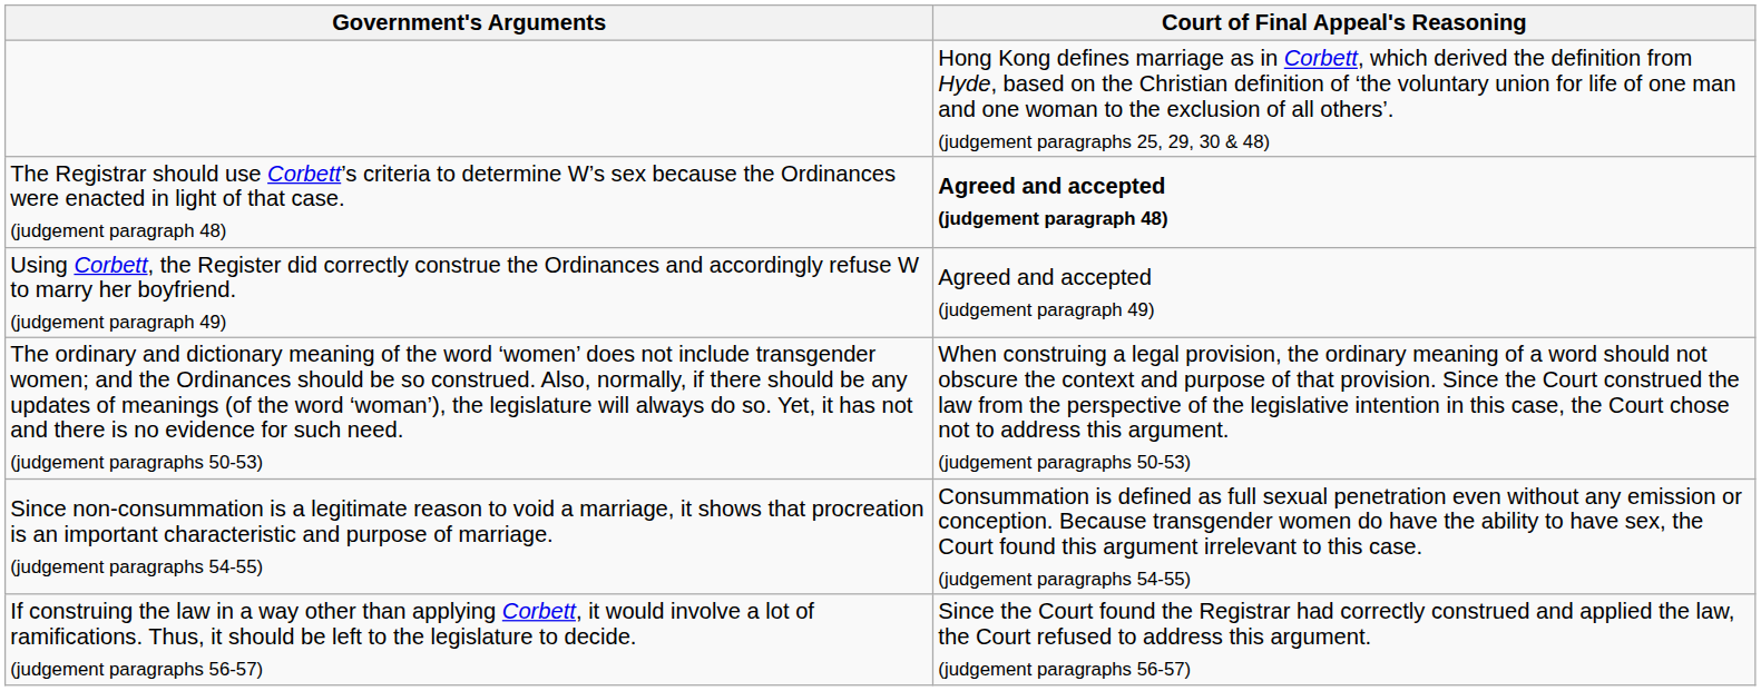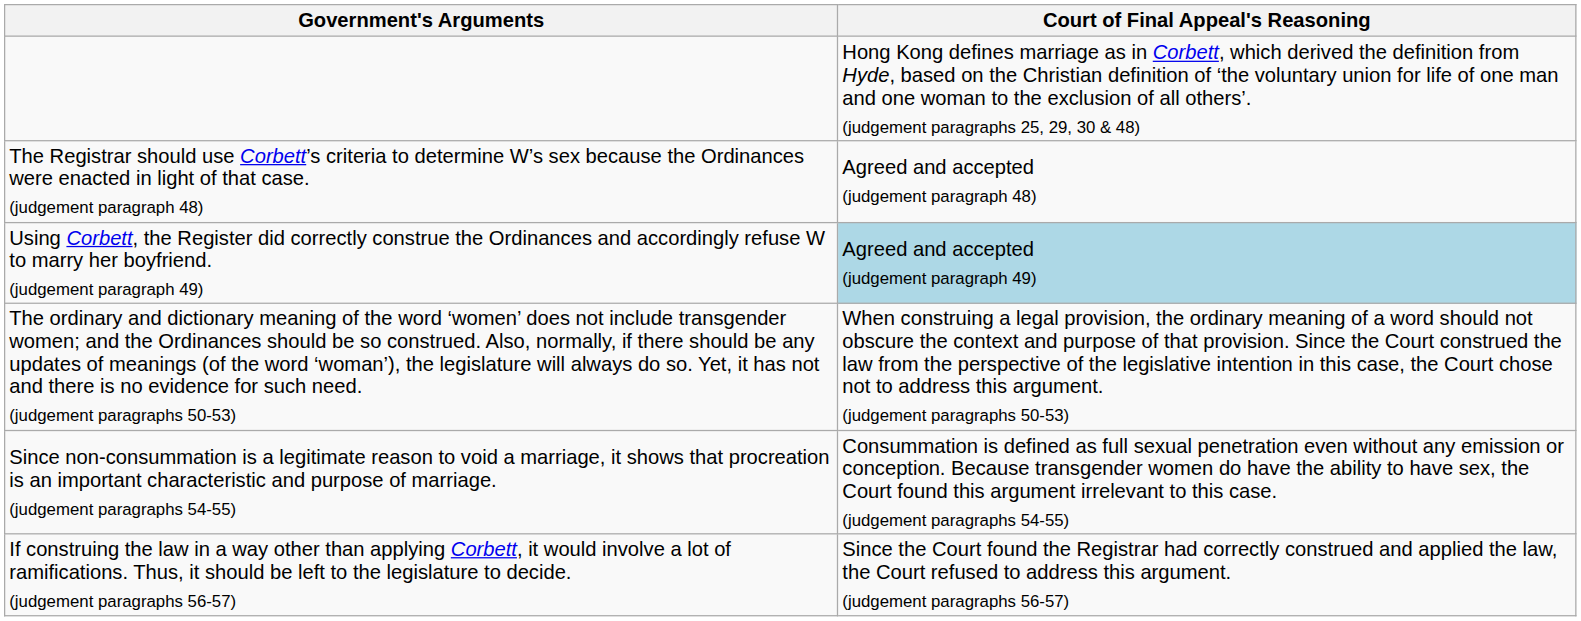 <table class="wikitable">
 <tr>
 <th>Government's Arguments</th>
 <th>Court of Final Appeal's Reasoning</th>
 </tr>
 <tr>
 <td></td>
 <td>Hong Kong defines marriage as in <em><a href='#'>Corbett</a></em>, which derived the definition from <em>Hyde</em>, based on the Christian definition of ‘the voluntary union for life of one man and one woman to the exclusion of all others’.<br><sub>(judgement paragraphs 25, 29, 30 & 48)</sub></td>
 </tr>
 <tr>
 <td>The Registrar should use <em><a href='#'>Corbett</a></em>’s criteria to determine W’s sex because the Ordinances were enacted in light of that case.<br><sub>(judgement paragraph 48)</sub></td>
-<td><strong>Agreed and accepted<br><sub>(judgement paragraph 48)</sub></strong></td>
+<td>Agreed and accepted<br><sub>(judgement paragraph 48)</sub></td>
 </tr>
 <tr>
 <td>Using <em><a href='#'>Corbett</a></em>, the Register did correctly construe the Ordinances and accordingly refuse W to marry her boyfriend.<br><sub>(judgement paragraph 49)</sub></td>
-<td>Agreed and accepted<br><sub>(judgement paragraph 49)</sub></td>
+<td style="background: lightblue;">Agreed and accepted<br><sub>(judgement paragraph 49)</sub></td>
 </tr>
 <tr>
 <td>The ordinary and dictionary meaning of the word ‘women’ does not include transgender women; and the Ordinances should be so construed. Also, normally, if there should be any updates of meanings (of the word ‘woman’), the legislature will always do so. Yet, it has not and there is no evidence for such need.<br><sub>(judgement paragraphs 50-53)</sub></td>
 <td>When construing a legal provision, the ordinary meaning of a word should not obscure the context and purpose of that provision.  Since the Court construed the law from the perspective of the legislative intention in this case, the Court chose not to address this argument.<br><sub>(judgement paragraphs 50-53)</sub></td>
 </tr>
 <tr>
 <td>Since non-consummation is a legitimate reason to void a marriage, it shows that procreation is an important characteristic and purpose of marriage.<br><sub>(judgement paragraphs 54-55)</sub></td>
 <td>Consummation is defined as full sexual penetration even without any emission or conception. Because transgender women do have the ability to have sex, the Court found this argument irrelevant to this case.<br><sub>(judgement paragraphs 54-55)</sub></td>
 </tr>
 <tr>
 <td>If construing the law in a way other than applying <em><a href='#'>Corbett</a></em>, it would involve a lot of ramifications. Thus, it should be left to the legislature to decide.<br><sub>(judgement paragraphs 56-57)</sub></td>
 <td>Since the Court found the Registrar had correctly construed and applied the law, the Court refused to address this argument.<br><sub>(judgement paragraphs 56-57)</sub></td>
 </tr>
 </table>
